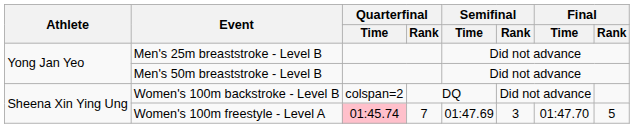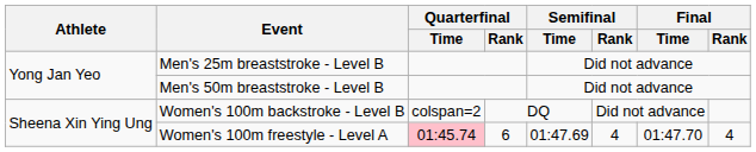 <table class=wikitable style="font-size:90%">
 <tr>
 <th rowspan="2">Athlete</th>
 <th rowspan="2">Event</th>
 <th colspan="2">Quarterfinal</th>
 <th colspan="2">Semifinal</th>
 <th colspan="2">Final</th>
 </tr>
 <tr style="font-size:95%">
 <th>Time</th>
 <th>Rank</th>
 <th>Time</th>
 <th>Rank</th>
 <th>Time</th>
 <th>Rank</th>
 </tr>
 <tr align=center>
 <td align=left rowspan=2>Yong Jan Yeo</td>
 <td align=left>Men's 25m breaststroke - Level B</td>
 <td align="center" colspan=2></td>
 <td colspan=4>Did not advance</td>
 </tr>
 <tr align=center>
 <td align=left>Men's 50m breaststroke - Level B</td>
 <td align="center" colspan=2></td>
 <td colspan=4>Did not advance</td>
 </tr>
 <tr align=center>
 <td align=left rowspan=2>Sheena Xin Ying Ung</td>
 <td align=left>Women's 100m backstroke - Level B</td>
 <td>colspan=2 </td>
 <td align="center" colspan=2>DQ</td>
 <td colspan=2>Did not advance</td>
 </tr>
 <tr align=center>
 <td align=left>Women's 100m freestyle - Level A</td>
 <td style="background: pink;">01:45.74</td>
-<td>7</td>
+<td>6</td>
 <td>01:47.69</td>
-<td>3</td>
+<td>4</td>
 <td>01:47.70</td>
-<td>5</td>
+<td>4</td>
 </tr>
 </table>
